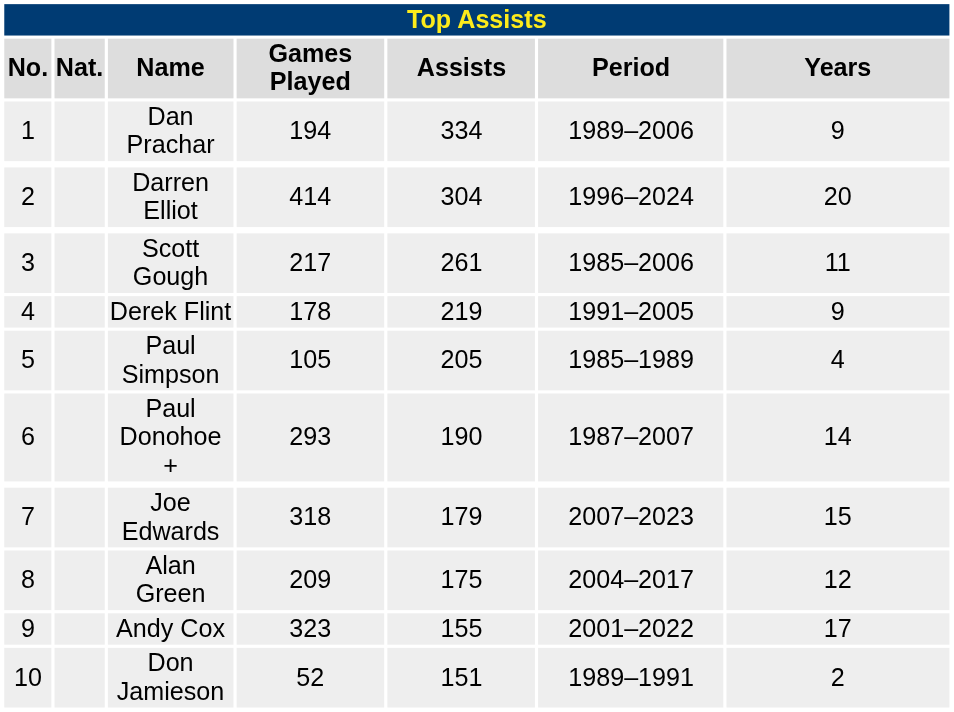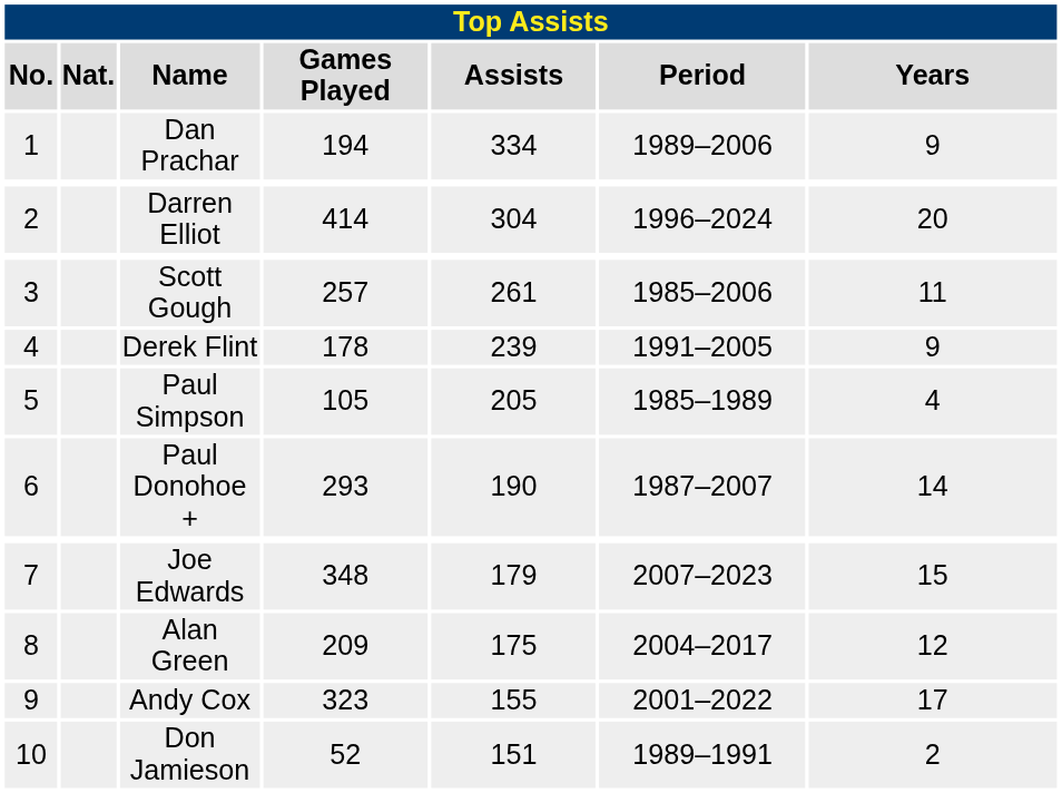 <table class="toccolours"  style="width:97%; clear:both; margin:1.5em auto; text-align:center;">
 <tr>
 <th colspan="11" style="background:#003b73; color:#fdeb1b;”">Top Assists</th>
 </tr>
 <tr style="background:#ddd;">
 <th width=5%>No.</th>
 <th width=5%>Nat.</th>
 <th !width=22%>Name</th>
 <th width=16%>Games Played</th>
 <th width=16%>Assists</th>
 <th width=20%>Period</th>
 <th width=24%>Years</th>
 </tr>
 <tr style="background:#eee;">
 <td>1</td>
 <td></td>
 <td>Dan Prachar</td>
 <td>194</td>
 <td>334</td>
 <td>1989–2006</td>
 <td>9</td>
 </tr>
 <tr style="background:#eee;">
 </tr>
 <tr style="background:#eee;">
 <td>2</td>
 <td></td>
 <td>Darren Elliot</td>
 <td>414</td>
 <td>304</td>
 <td>1996–2024</td>
 <td>20</td>
 </tr>
 <tr style="background:#eee;">
 </tr>
 <tr style="background:#eee;">
 <td>3</td>
 <td></td>
 <td>Scott Gough</td>
-<td>217</td>
+<td>257</td>
 <td>261</td>
 <td>1985–2006</td>
 <td>11</td>
 </tr>
 <tr style="background:#eee;">
 <td>4</td>
 <td></td>
 <td>Derek Flint</td>
 <td>178</td>
-<td>219</td>
+<td>239</td>
 <td>1991–2005</td>
 <td>9</td>
 </tr>
 <tr style="background:#eee;">
 <td>5</td>
 <td></td>
 <td>Paul Simpson</td>
 <td>105</td>
 <td>205</td>
 <td>1985–1989</td>
 <td>4</td>
 </tr>
 <tr style="background:#eee;">
 <td>6</td>
 <td></td>
 <td>Paul Donohoe +</td>
 <td>293</td>
 <td>190</td>
 <td>1987–2007</td>
 <td>14</td>
 </tr>
 <tr style="background:#eee;">
 </tr>
 <tr style="background:#eee;">
 <td>7</td>
 <td></td>
 <td>Joe Edwards</td>
-<td>318</td>
+<td>348</td>
 <td>179</td>
 <td>2007–2023</td>
 <td>15</td>
 </tr>
 <tr style="background:#eee;">
 <td>8</td>
 <td></td>
 <td>Alan Green</td>
 <td>209</td>
 <td>175</td>
 <td>2004–2017</td>
 <td>12</td>
 </tr>
 <tr style="background:#eee;">
 <td>9</td>
 <td></td>
 <td>Andy Cox</td>
 <td>323</td>
 <td>155</td>
 <td>2001–2022</td>
 <td>17</td>
 </tr>
 <tr style="background:#eee;">
 <td>10</td>
 <td></td>
 <td>Don Jamieson</td>
 <td>52</td>
 <td>151</td>
 <td>1989–1991</td>
 <td>2</td>
 </tr>
 <tr style="background:#eee;">
 </tr>
 </table>
